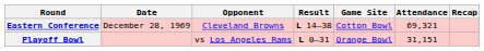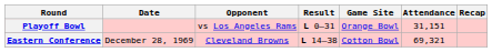 <table class="wikitable" style="text-align:center">
 <tr>
 <th>Round</th>
 <th>Date</th>
 <th>Opponent</th>
 <th>Result</th>
 <th>Game Site</th>
 <th>Attendance</th>
 <th>Recap</th>
 </tr>
 <tr style="background: #fcc">
+<th><a href='#'>Playoff Bowl</a></th>
+<td align=right></td>
+<td>vs <a href='#'>Los Angeles Rams</a></td>
+<td><strong>L</strong> 0–31</td>
+<td><a href='#'>Orange Bowl</a></td>
+<td>31,151</td>
+<td></td>
+</tr>
+<tr style="background: #fcc">
 <th><a href='#'>Eastern Conference</a></th>
 <td>December 28, 1969</td>
 <td><a href='#'>Cleveland Browns</a></td>
 <td><strong>L</strong> 14–38</td>
 <td><a href='#'>Cotton Bowl</a></td>
 <td>69,321</td>
 <td></td>
 </tr>
-<tr style="background: #fcc">
-<th><a href='#'>Playoff Bowl</a></th>
-<td align=right></td>
-<td>vs <a href='#'>Los Angeles Rams</a></td>
-<td><strong>L</strong> 0–31</td>
-<td><a href='#'>Orange Bowl</a></td>
-<td>31,151</td>
-<td></td>
-</tr>
 </table>
